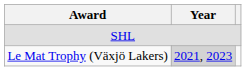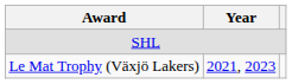 <table class="wikitable">
 <tr>
 <th>Award</th>
 <th>Year</th>
 <th></th>
 </tr>
 <tr ALIGN="center" bgcolor="#e0e0e0">
 <td colspan="3"><a href='#'>SHL</a></td>
 </tr>
 <tr>
 <td><a href='#'>Le Mat Trophy</a> (Växjö Lakers)</td>
-<td style="background: lightgrey;"><a href='#'>2021</a>, <a href='#'>2023</a></td>
+<td><a href='#'>2021</a>, <a href='#'>2023</a></td>
 <td></td>
 </tr>
 </table>
